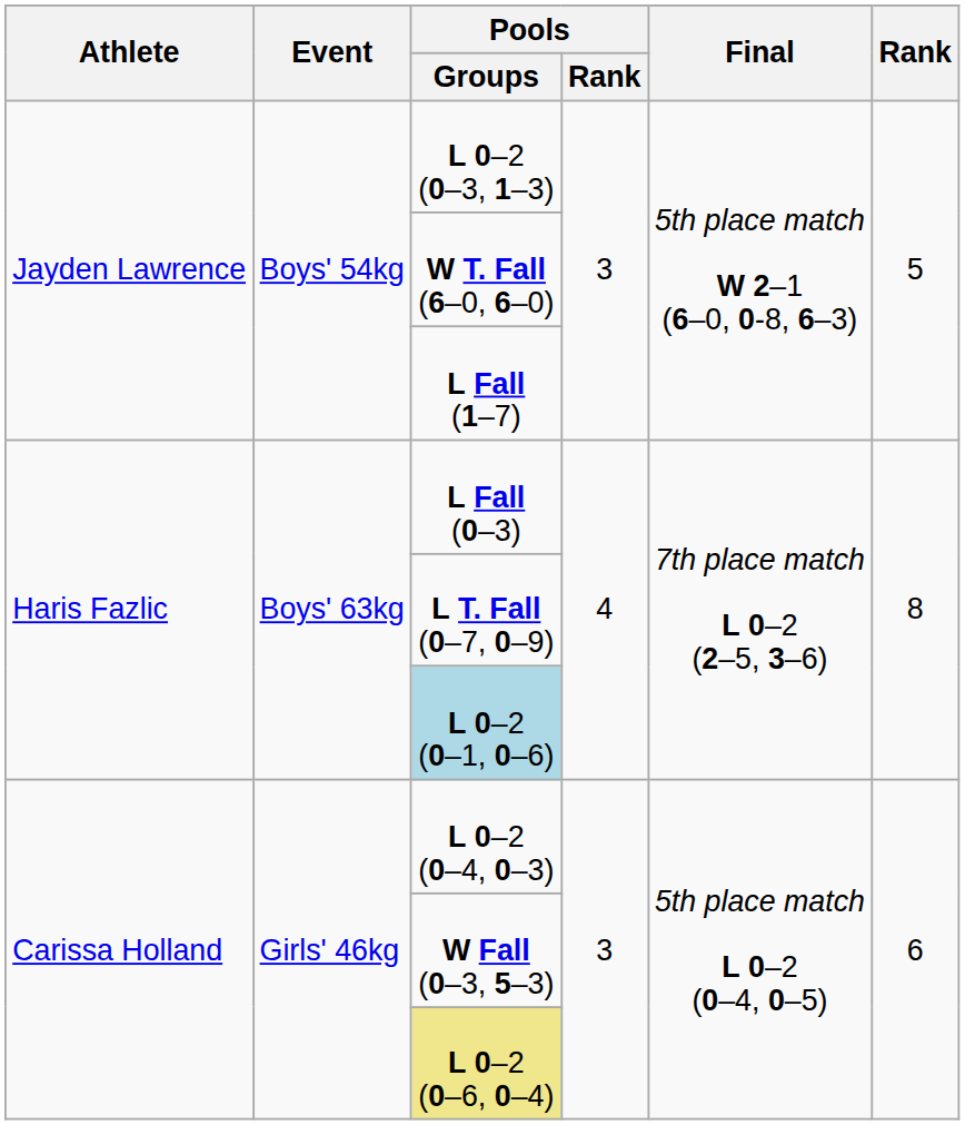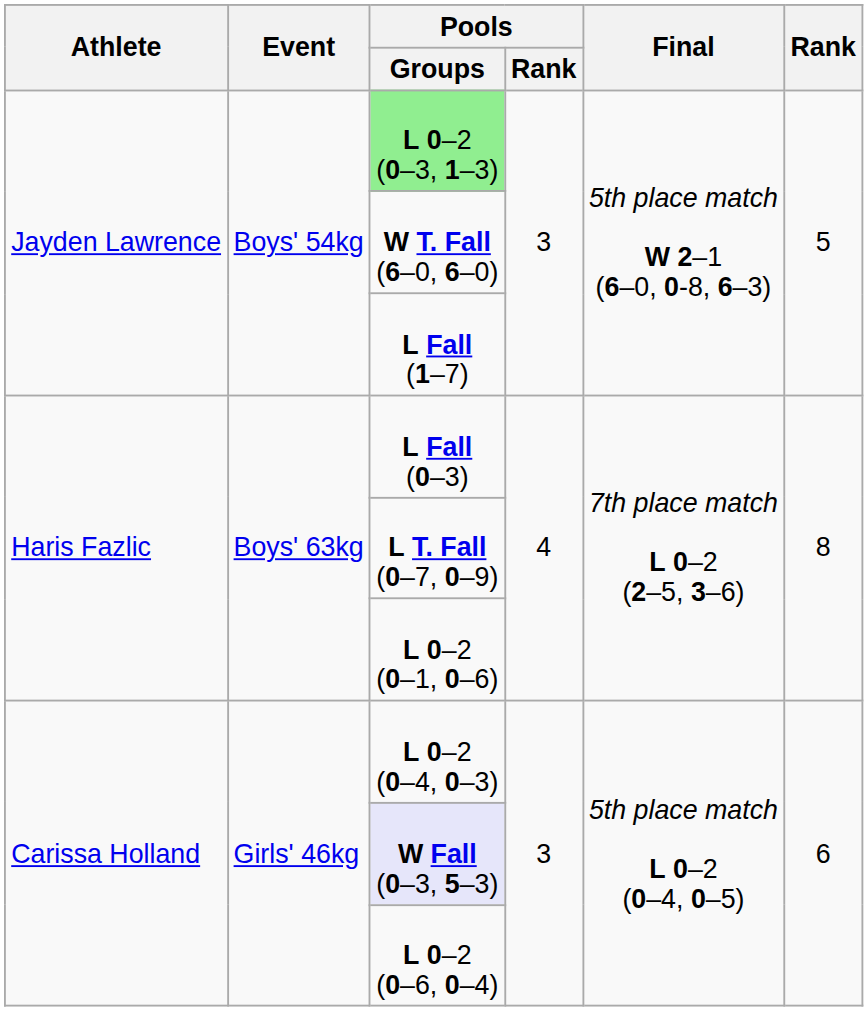 <table class="wikitable" style="text-align:left; font-size:90%">
 <tr>
 <th rowspan="2">Athlete</th>
 <th rowspan="2">Event</th>
 <th colspan="2">Pools</th>
 <th rowspan="2">Final</th>
 <th rowspan="2">Rank</th>
 </tr>
 <tr>
 <th>Groups</th>
 <th>Rank</th>
 </tr>
 <tr>
 <td rowspan="3"><a href='#'>Jayden Lawrence</a></td>
 <td rowspan="3"><a href='#'>Boys' 54kg</a></td>
-<td align=center><br><strong>L</strong> <strong>0</strong>–2<br>(<strong>0</strong>–3, <strong>1</strong>–3)</td>
+<td align=center style="background: lightgreen;"><br><strong>L</strong> <strong>0</strong>–2<br>(<strong>0</strong>–3, <strong>1</strong>–3)</td>
 <td rowspan="3" style="text-align:center;">3</td>
 <td style="text-align:center;" rowspan="3"><em>5th place match</em><br><br><strong>W</strong> <strong>2</strong>–1<br>(<strong>6</strong>–0, <strong>0</strong>-8, <strong>6</strong>–3)</td>
 <td rowspan="3" style="text-align:center;">5</td>
 </tr>
 <tr>
 <td align=center><br><strong>W</strong> <strong><a href='#'>T. Fall</a></strong><br>(<strong>6</strong>–0, <strong>6</strong>–0)</td>
 </tr>
 <tr>
 <td align=center><br><strong>L</strong> <strong><a href='#'>Fall</a></strong><br>(<strong>1</strong>–7)</td>
 </tr>
 <tr>
 <td rowspan="3"><a href='#'>Haris Fazlic</a></td>
 <td rowspan="3"><a href='#'>Boys' 63kg</a></td>
 <td align=center><br><strong>L</strong> <strong><a href='#'>Fall</a></strong><br>(<strong>0</strong>–3)</td>
 <td rowspan="3" style="text-align:center;">4</td>
 <td style="text-align:center;" rowspan="3"><em>7th place match</em><br><br><strong>L</strong> <strong>0</strong>–2<br>(<strong>2</strong>–5, <strong>3</strong>–6)</td>
 <td rowspan="3" style="text-align:center;">8</td>
 </tr>
 <tr>
 <td align=center><br><strong>L</strong> <strong><a href='#'>T. Fall</a></strong><br>(<strong>0</strong>–7, <strong>0</strong>–9)</td>
 </tr>
 <tr>
-<td align=center style="background: lightblue;"><br><strong>L</strong> <strong>0</strong>–2<br>(<strong>0</strong>–1, <strong>0</strong>–6)</td>
+<td align=center><br><strong>L</strong> <strong>0</strong>–2<br>(<strong>0</strong>–1, <strong>0</strong>–6)</td>
 </tr>
 <tr>
 <td rowspan="3"><a href='#'>Carissa Holland</a></td>
 <td rowspan="3"><a href='#'>Girls' 46kg</a></td>
 <td align=center><br><strong>L</strong> <strong>0</strong>–2<br>(<strong>0</strong>–4, <strong>0</strong>–3)</td>
 <td rowspan="3" style="text-align:center;">3</td>
 <td style="text-align:center;" rowspan="3"><em>5th place match</em><br><br><strong>L</strong> <strong>0</strong>–2<br>(<strong>0</strong>–4, <strong>0</strong>–5)</td>
 <td rowspan="3" style="text-align:center;">6</td>
 </tr>
 <tr>
-<td align=center><br><strong>W</strong> <strong><a href='#'>Fall</a></strong><br>(<strong>0</strong>–3, <strong>5</strong>–3)</td>
+<td align=center style="background: lavender;"><br><strong>W</strong> <strong><a href='#'>Fall</a></strong><br>(<strong>0</strong>–3, <strong>5</strong>–3)</td>
 </tr>
 <tr>
-<td align=center style="background: khaki;"><br><strong>L</strong> <strong>0</strong>–2<br>(<strong>0</strong>–6, <strong>0</strong>–4)</td>
+<td align=center><br><strong>L</strong> <strong>0</strong>–2<br>(<strong>0</strong>–6, <strong>0</strong>–4)</td>
 </tr>
 </table>
